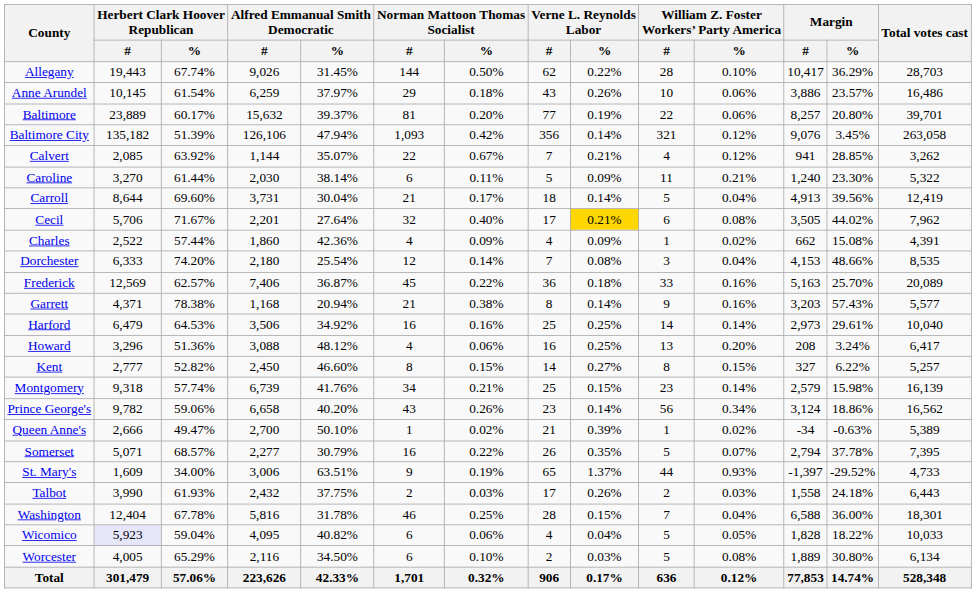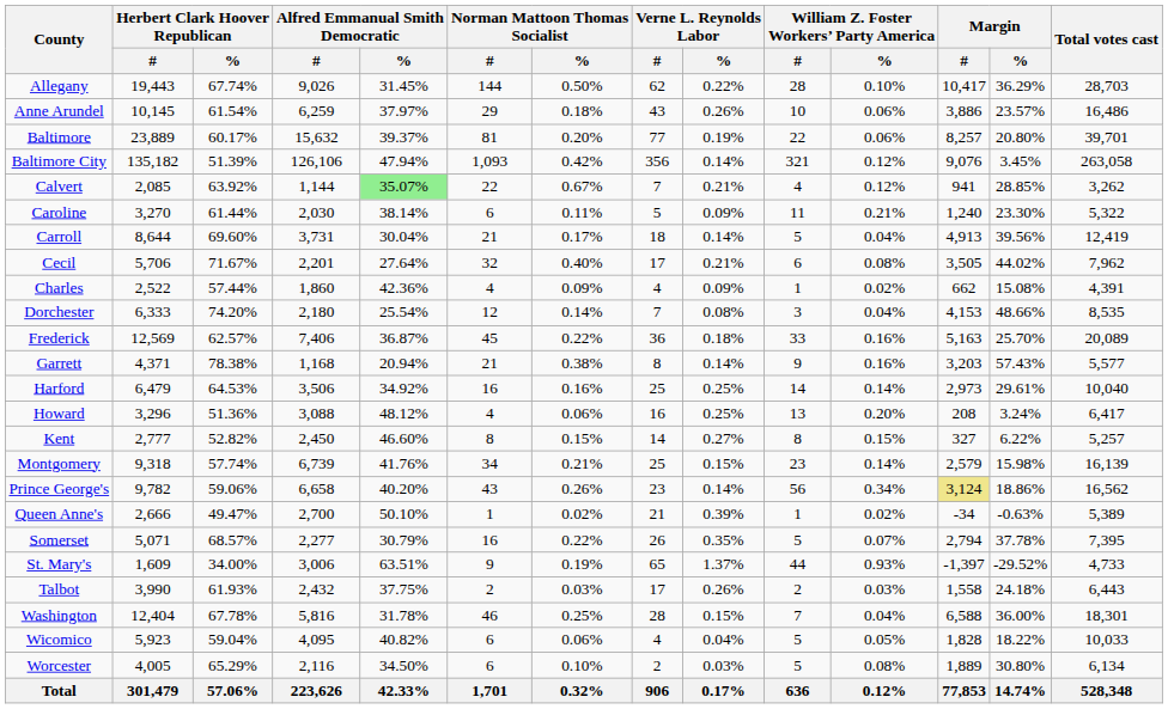 <table class="wikitable sortable">
 <tr>
 <th rowspan="2" style="text-align:center;">County</th>
 <th colspan="2" style="text-align:center;">Herbert Clark Hoover<br>Republican</th>
 <th colspan="2" style="text-align:center;">Alfred Emmanual Smith<br>Democratic</th>
 <th colspan="2" style="text-align:center;">Norman Mattoon Thomas<br>Socialist</th>
 <th colspan="2" style="text-align:center;">Verne L. Reynolds<br>Labor</th>
 <th colspan="2" style="text-align:center;">William Z. Foster<br>Workers’ Party America</th>
 <th colspan="2" style="text-align:center;">Margin</th>
 <th rowspan="2" style="text-align:center;">Total votes cast</th>
 </tr>
 <tr>
 <th data-sort-type="number">#</th>
 <th data-sort-type="number">%</th>
 <th data-sort-type="number">#</th>
 <th data-sort-type="number">%</th>
 <th data-sort-type="number">#</th>
 <th data-sort-type="number">%</th>
 <th data-sort-type="number">#</th>
 <th data-sort-type="number">%</th>
 <th data-sort-type="number">#</th>
 <th data-sort-type="number">%</th>
 <th data-sort-type="number">#</th>
 <th data-sort-type="number">%</th>
 </tr>
 <tr style="text-align:center;">
 <td><a href='#'>Allegany</a></td>
 <td>19,443</td>
 <td>67.74%</td>
 <td>9,026</td>
 <td>31.45%</td>
 <td>144</td>
 <td>0.50%</td>
 <td>62</td>
 <td>0.22%</td>
 <td>28</td>
 <td>0.10%</td>
 <td>10,417</td>
 <td>36.29%</td>
 <td>28,703</td>
 </tr>
 <tr style="text-align:center;">
 <td><a href='#'>Anne Arundel</a></td>
 <td>10,145</td>
 <td>61.54%</td>
 <td>6,259</td>
 <td>37.97%</td>
 <td>29</td>
 <td>0.18%</td>
 <td>43</td>
 <td>0.26%</td>
 <td>10</td>
 <td>0.06%</td>
 <td>3,886</td>
 <td>23.57%</td>
 <td>16,486</td>
 </tr>
 <tr style="text-align:center;">
 <td><a href='#'>Baltimore</a></td>
 <td>23,889</td>
 <td>60.17%</td>
 <td>15,632</td>
 <td>39.37%</td>
 <td>81</td>
 <td>0.20%</td>
 <td>77</td>
 <td>0.19%</td>
 <td>22</td>
 <td>0.06%</td>
 <td>8,257</td>
 <td>20.80%</td>
 <td>39,701</td>
 </tr>
 <tr style="text-align:center;">
 <td><a href='#'>Baltimore City</a></td>
 <td>135,182</td>
 <td>51.39%</td>
 <td>126,106</td>
 <td>47.94%</td>
 <td>1,093</td>
 <td>0.42%</td>
 <td>356</td>
 <td>0.14%</td>
 <td>321</td>
 <td>0.12%</td>
 <td>9,076</td>
 <td>3.45%</td>
 <td>263,058</td>
 </tr>
 <tr style="text-align:center;">
 <td><a href='#'>Calvert</a></td>
 <td>2,085</td>
 <td>63.92%</td>
 <td>1,144</td>
-<td>35.07%</td>
+<td style="background: lightgreen;">35.07%</td>
 <td>22</td>
 <td>0.67%</td>
 <td>7</td>
 <td>0.21%</td>
 <td>4</td>
 <td>0.12%</td>
 <td>941</td>
 <td>28.85%</td>
 <td>3,262</td>
 </tr>
 <tr style="text-align:center;">
 <td><a href='#'>Caroline</a></td>
 <td>3,270</td>
 <td>61.44%</td>
 <td>2,030</td>
 <td>38.14%</td>
 <td>6</td>
 <td>0.11%</td>
 <td>5</td>
 <td>0.09%</td>
 <td>11</td>
 <td>0.21%</td>
 <td>1,240</td>
 <td>23.30%</td>
 <td>5,322</td>
 </tr>
 <tr style="text-align:center;">
 <td><a href='#'>Carroll</a></td>
 <td>8,644</td>
 <td>69.60%</td>
 <td>3,731</td>
 <td>30.04%</td>
 <td>21</td>
 <td>0.17%</td>
 <td>18</td>
 <td>0.14%</td>
 <td>5</td>
 <td>0.04%</td>
 <td>4,913</td>
 <td>39.56%</td>
 <td>12,419</td>
 </tr>
 <tr style="text-align:center;">
 <td><a href='#'>Cecil</a></td>
 <td>5,706</td>
 <td>71.67%</td>
 <td>2,201</td>
 <td>27.64%</td>
 <td>32</td>
 <td>0.40%</td>
 <td>17</td>
-<td style="background: gold;">0.21%</td>
+<td>0.21%</td>
 <td>6</td>
 <td>0.08%</td>
 <td>3,505</td>
 <td>44.02%</td>
 <td>7,962</td>
 </tr>
 <tr style="text-align:center;">
 <td><a href='#'>Charles</a></td>
 <td>2,522</td>
 <td>57.44%</td>
 <td>1,860</td>
 <td>42.36%</td>
 <td>4</td>
 <td>0.09%</td>
 <td>4</td>
 <td>0.09%</td>
 <td>1</td>
 <td>0.02%</td>
 <td>662</td>
 <td>15.08%</td>
 <td>4,391</td>
 </tr>
 <tr style="text-align:center;">
 <td><a href='#'>Dorchester</a></td>
 <td>6,333</td>
 <td>74.20%</td>
 <td>2,180</td>
 <td>25.54%</td>
 <td>12</td>
 <td>0.14%</td>
 <td>7</td>
 <td>0.08%</td>
 <td>3</td>
 <td>0.04%</td>
 <td>4,153</td>
 <td>48.66%</td>
 <td>8,535</td>
 </tr>
 <tr style="text-align:center;">
 <td><a href='#'>Frederick</a></td>
 <td>12,569</td>
 <td>62.57%</td>
 <td>7,406</td>
 <td>36.87%</td>
 <td>45</td>
 <td>0.22%</td>
 <td>36</td>
 <td>0.18%</td>
 <td>33</td>
 <td>0.16%</td>
 <td>5,163</td>
 <td>25.70%</td>
 <td>20,089</td>
 </tr>
 <tr style="text-align:center;">
 <td><a href='#'>Garrett</a></td>
 <td>4,371</td>
 <td>78.38%</td>
 <td>1,168</td>
 <td>20.94%</td>
 <td>21</td>
 <td>0.38%</td>
 <td>8</td>
 <td>0.14%</td>
 <td>9</td>
 <td>0.16%</td>
 <td>3,203</td>
 <td>57.43%</td>
 <td>5,577</td>
 </tr>
 <tr style="text-align:center;">
 <td><a href='#'>Harford</a></td>
 <td>6,479</td>
 <td>64.53%</td>
 <td>3,506</td>
 <td>34.92%</td>
 <td>16</td>
 <td>0.16%</td>
 <td>25</td>
 <td>0.25%</td>
 <td>14</td>
 <td>0.14%</td>
 <td>2,973</td>
 <td>29.61%</td>
 <td>10,040</td>
 </tr>
 <tr style="text-align:center;">
 <td><a href='#'>Howard</a></td>
 <td>3,296</td>
 <td>51.36%</td>
 <td>3,088</td>
 <td>48.12%</td>
 <td>4</td>
 <td>0.06%</td>
 <td>16</td>
 <td>0.25%</td>
 <td>13</td>
 <td>0.20%</td>
 <td>208</td>
 <td>3.24%</td>
 <td>6,417</td>
 </tr>
 <tr style="text-align:center;">
 <td><a href='#'>Kent</a></td>
 <td>2,777</td>
 <td>52.82%</td>
 <td>2,450</td>
 <td>46.60%</td>
 <td>8</td>
 <td>0.15%</td>
 <td>14</td>
 <td>0.27%</td>
 <td>8</td>
 <td>0.15%</td>
 <td>327</td>
 <td>6.22%</td>
 <td>5,257</td>
 </tr>
 <tr style="text-align:center;">
 <td><a href='#'>Montgomery</a></td>
 <td>9,318</td>
 <td>57.74%</td>
 <td>6,739</td>
 <td>41.76%</td>
 <td>34</td>
 <td>0.21%</td>
 <td>25</td>
 <td>0.15%</td>
 <td>23</td>
 <td>0.14%</td>
 <td>2,579</td>
 <td>15.98%</td>
 <td>16,139</td>
 </tr>
 <tr style="text-align:center;">
 <td><a href='#'>Prince George's</a></td>
 <td>9,782</td>
 <td>59.06%</td>
 <td>6,658</td>
 <td>40.20%</td>
 <td>43</td>
 <td>0.26%</td>
 <td>23</td>
 <td>0.14%</td>
 <td>56</td>
 <td>0.34%</td>
-<td>3,124</td>
+<td style="background: khaki;">3,124</td>
 <td>18.86%</td>
 <td>16,562</td>
 </tr>
 <tr style="text-align:center;">
 <td><a href='#'>Queen Anne's</a></td>
 <td>2,666</td>
 <td>49.47%</td>
 <td>2,700</td>
 <td>50.10%</td>
 <td>1</td>
 <td>0.02%</td>
 <td>21</td>
 <td>0.39%</td>
 <td>1</td>
 <td>0.02%</td>
 <td>-34</td>
 <td>-0.63%</td>
 <td>5,389</td>
 </tr>
 <tr style="text-align:center;">
 <td><a href='#'>Somerset</a></td>
 <td>5,071</td>
 <td>68.57%</td>
 <td>2,277</td>
 <td>30.79%</td>
 <td>16</td>
 <td>0.22%</td>
 <td>26</td>
 <td>0.35%</td>
 <td>5</td>
 <td>0.07%</td>
 <td>2,794</td>
 <td>37.78%</td>
 <td>7,395</td>
 </tr>
 <tr style="text-align:center;">
 <td><a href='#'>St. Mary's</a></td>
 <td>1,609</td>
 <td>34.00%</td>
 <td>3,006</td>
 <td>63.51%</td>
 <td>9</td>
 <td>0.19%</td>
 <td>65</td>
 <td>1.37%</td>
 <td>44</td>
 <td>0.93%</td>
 <td>-1,397</td>
 <td>-29.52%</td>
 <td>4,733</td>
 </tr>
 <tr style="text-align:center;">
 <td><a href='#'>Talbot</a></td>
 <td>3,990</td>
 <td>61.93%</td>
 <td>2,432</td>
 <td>37.75%</td>
 <td>2</td>
 <td>0.03%</td>
 <td>17</td>
 <td>0.26%</td>
 <td>2</td>
 <td>0.03%</td>
 <td>1,558</td>
 <td>24.18%</td>
 <td>6,443</td>
 </tr>
 <tr style="text-align:center;">
 <td><a href='#'>Washington</a></td>
 <td>12,404</td>
 <td>67.78%</td>
 <td>5,816</td>
 <td>31.78%</td>
 <td>46</td>
 <td>0.25%</td>
 <td>28</td>
 <td>0.15%</td>
 <td>7</td>
 <td>0.04%</td>
 <td>6,588</td>
 <td>36.00%</td>
 <td>18,301</td>
 </tr>
 <tr style="text-align:center;">
 <td><a href='#'>Wicomico</a></td>
-<td style="background: lavender;">5,923</td>
+<td>5,923</td>
 <td>59.04%</td>
 <td>4,095</td>
 <td>40.82%</td>
 <td>6</td>
 <td>0.06%</td>
 <td>4</td>
 <td>0.04%</td>
 <td>5</td>
 <td>0.05%</td>
 <td>1,828</td>
 <td>18.22%</td>
 <td>10,033</td>
 </tr>
 <tr style="text-align:center;">
 <td><a href='#'>Worcester</a></td>
 <td>4,005</td>
 <td>65.29%</td>
 <td>2,116</td>
 <td>34.50%</td>
 <td>6</td>
 <td>0.10%</td>
 <td>2</td>
 <td>0.03%</td>
 <td>5</td>
 <td>0.08%</td>
 <td>1,889</td>
 <td>30.80%</td>
 <td>6,134</td>
 </tr>
 <tr style="text-align:center;">
 <th>Total</th>
 <th>301,479</th>
 <th>57.06%</th>
 <th>223,626</th>
 <th>42.33%</th>
 <th>1,701</th>
 <th>0.32%</th>
 <th>906</th>
 <th>0.17%</th>
 <th>636</th>
 <th>0.12%</th>
 <th>77,853</th>
 <th>14.74%</th>
 <th>528,348</th>
 </tr>
 </table>
